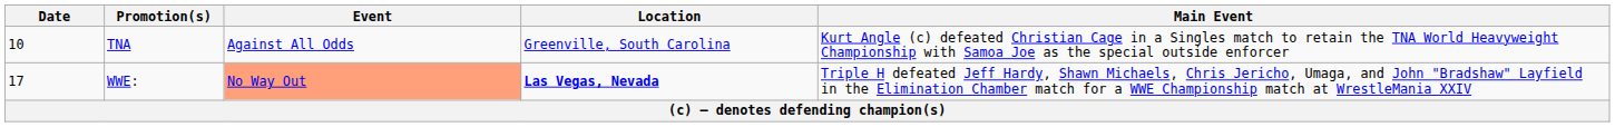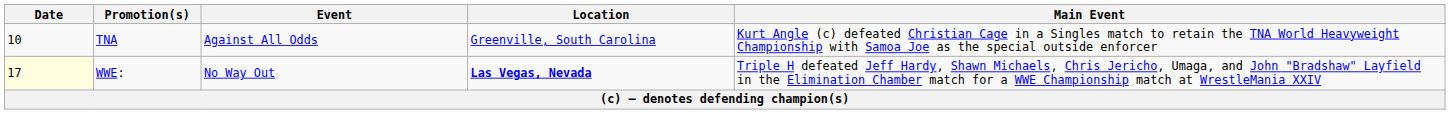 <table class="wikitable" style="width:100%;">
 <tr>
 <th width=5%>Date</th>
 <th width=5%>Promotion(s)</th>
 <th width=15%>Event</th>
 <th width=15%>Location</th>
 <th width=40%>Main Event</th>
 </tr>
 <tr>
 <td>10</td>
 <td><a href='#'>TNA</a></td>
 <td><a href='#'>Against All Odds</a></td>
 <td><a href='#'>Greenville, South Carolina</a></td>
 <td><a href='#'>Kurt Angle</a> (c) defeated <a href='#'>Christian Cage</a> in a Singles match to retain the <a href='#'>TNA World Heavyweight Championship</a> with <a href='#'>Samoa Joe</a> as the special outside enforcer</td>
 </tr>
 <tr>
-<td>17</td>
+<td style="background: lightyellow;">17</td>
 <td><a href='#'>WWE</a>:<br></td>
-<td style="background: lightsalmon;"><a href='#'>No Way Out</a></td>
+<td><a href='#'>No Way Out</a></td>
 <td><strong><a href='#'>Las Vegas, Nevada</a></strong></td>
 <td><a href='#'>Triple H</a> defeated <a href='#'>Jeff Hardy</a>, <a href='#'>Shawn Michaels</a>, <a href='#'>Chris Jericho</a>, Umaga, and <a href='#'>John "Bradshaw" Layfield</a> in the <a href='#'>Elimination Chamber</a> match for a <a href='#'>WWE Championship</a> match at <a href='#'>WrestleMania XXIV</a></td>
 </tr>
 <tr>
 <th colspan="6">(c) – denotes defending champion(s)</th>
 </tr>
 </table>
